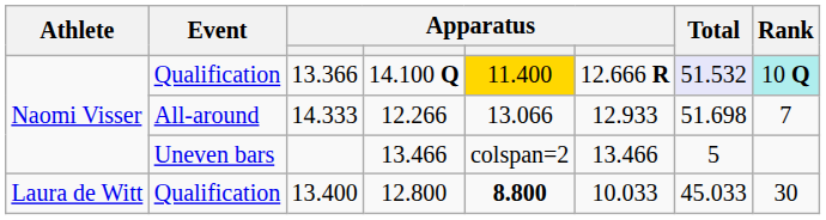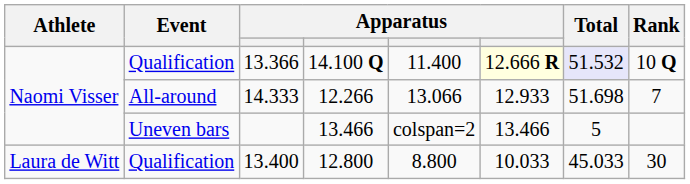 <table class="wikitable" style="text-align:center; font-size:90%">
 <tr>
 <th rowspan=2>Athlete</th>
 <th rowspan=2>Event</th>
 <th colspan=4>Apparatus</th>
 <th rowspan=2>Total</th>
 <th rowspan=2>Rank</th>
 </tr>
 <tr style="font-size:95%">
 <th></th>
 <th></th>
 <th></th>
 <th></th>
 </tr>
 <tr>
 <td rowspan=3 align=left><a href='#'>Naomi Visser</a></td>
 <td align=left><a href='#'>Qualification</a></td>
 <td>13.366</td>
 <td>14.100 <strong>Q</strong></td>
-<td style="background: gold;">11.400</td>
-<td>12.666 <strong>R</strong></td>
+<td>11.400</td>
+<td style="background: lightyellow;">12.666 <strong>R</strong></td>
 <td style="background: lavender;">51.532</td>
-<td style="background: paleturquoise;">10 <strong>Q</strong></td>
+<td>10 <strong>Q</strong></td>
 </tr>
 <tr>
 <td align=left><a href='#'>All-around</a></td>
 <td>14.333</td>
 <td>12.266</td>
 <td>13.066</td>
 <td>12.933</td>
 <td>51.698</td>
 <td>7</td>
 </tr>
 <tr>
 <td align=left><a href='#'>Uneven bars</a></td>
 <td></td>
 <td>13.466</td>
 <td>colspan=2 </td>
 <td>13.466</td>
 <td>5</td>
 </tr>
 <tr>
 <td rowspan=1 align=left><a href='#'>Laura de Witt</a></td>
 <td align=left><a href='#'>Qualification</a></td>
 <td>13.400</td>
 <td>12.800</td>
-<td><strong>8.800</strong></td>
+<td>8.800</td>
 <td>10.033</td>
 <td>45.033</td>
 <td>30</td>
 </tr>
 </table>
